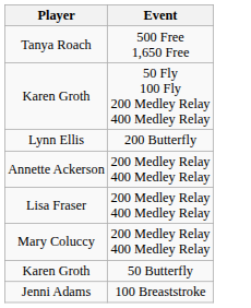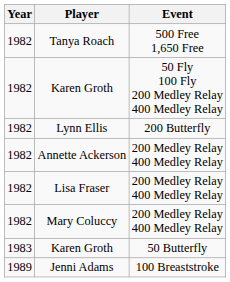 <table class="wikitable" style="text-align: center">
 <tr align=center>
+<th>Year</th>
 <th>Player</th>
 <th>Event</th>
 </tr>
 <tr>
+<td>1982</td>
 <td>Tanya Roach</td>
 <td>500 Free<br>1,650 Free</td>
 </tr>
 <tr>
+<td>1982</td>
 <td>Karen Groth</td>
 <td>50 Fly<br>100 Fly<br>200 Medley Relay<br>400 Medley Relay</td>
 </tr>
 <tr>
+<td>1982</td>
 <td>Lynn Ellis</td>
 <td>200 Butterfly</td>
 </tr>
 <tr>
+<td>1982</td>
 <td>Annette Ackerson</td>
 <td>200 Medley Relay<br>400 Medley Relay</td>
 </tr>
 <tr>
+<td>1982</td>
 <td>Lisa Fraser</td>
 <td>200 Medley Relay<br>400 Medley Relay</td>
 </tr>
 <tr>
+<td>1982</td>
 <td>Mary Coluccy</td>
 <td>200 Medley Relay<br>400 Medley Relay</td>
 </tr>
 <tr>
+<td>1983</td>
 <td>Karen Groth</td>
 <td>50 Butterfly</td>
 </tr>
 <tr>
+<td>1989</td>
 <td>Jenni Adams</td>
 <td>100 Breaststroke</td>
 </tr>
 </table>
